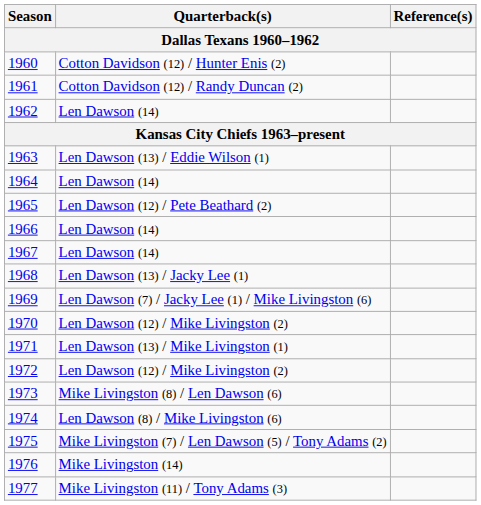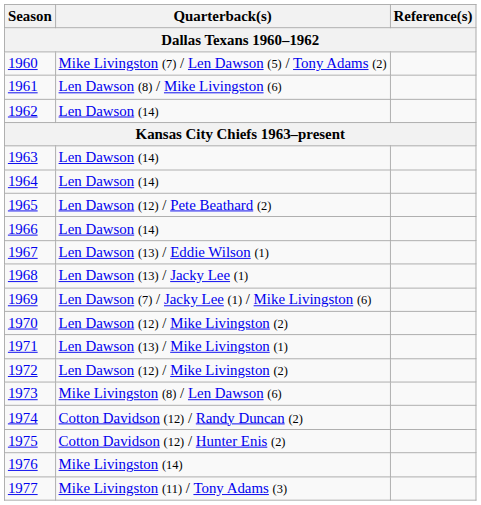 <table class="wikitable">
 <tr>
 <th>Season</th>
 <th>Quarterback(s)</th>
 <th>Reference(s)</th>
 </tr>
 <tr>
 <th colspan="7"><strong>Dallas Texans 1960–1962</strong></th>
 </tr>
 <tr>
 <td><a href='#'>1960</a></td>
-<td><a href='#'>Cotton Davidson</a> <small>(12)</small> / <a href='#'>Hunter Enis</a> <small>(2)</small></td>
+<td><a href='#'>Mike Livingston</a> <small>(7)</small> / <a href='#'>Len Dawson</a> <small>(5)</small> / <a href='#'>Tony Adams</a> <small>(2)</small></td>
 <td align="center"></td>
 </tr>
 <tr>
 <td><a href='#'>1961</a></td>
-<td><a href='#'>Cotton Davidson</a> <small>(12)</small> / <a href='#'>Randy Duncan</a> <small>(2)</small></td>
+<td><a href='#'>Len Dawson</a> <small>(8)</small> / <a href='#'>Mike Livingston</a> <small>(6)</small></td>
 <td align="center"></td>
 </tr>
 <tr>
 <td><a href='#'>1962</a></td>
 <td><a href='#'>Len Dawson</a> <small>(14)</small></td>
 <td align="center"></td>
 </tr>
 <tr>
 <th colspan="7"><strong>Kansas City Chiefs 1963–present</strong></th>
 </tr>
 <tr>
 <td><a href='#'>1963</a></td>
-<td><a href='#'>Len Dawson</a> <small>(13)</small> / <a href='#'>Eddie Wilson</a> <small>(1)</small></td>
+<td><a href='#'>Len Dawson</a> <small>(14)</small></td>
 <td align="center"></td>
 </tr>
 <tr>
 <td><a href='#'>1964</a></td>
 <td><a href='#'>Len Dawson</a> <small>(14)</small></td>
 <td align="center"></td>
 </tr>
 <tr>
 <td><a href='#'>1965</a></td>
 <td><a href='#'>Len Dawson</a> <small>(12)</small> / <a href='#'>Pete Beathard</a> <small>(2)</small></td>
 <td align="center"></td>
 </tr>
 <tr>
 <td><a href='#'>1966</a></td>
 <td><a href='#'>Len Dawson</a> <small>(14)</small></td>
 <td align="center"></td>
 </tr>
 <tr>
 <td><a href='#'>1967</a></td>
-<td><a href='#'>Len Dawson</a> <small>(14)</small></td>
+<td><a href='#'>Len Dawson</a> <small>(13)</small> / <a href='#'>Eddie Wilson</a> <small>(1)</small></td>
 <td align="center"></td>
 </tr>
 <tr>
 <td><a href='#'>1968</a></td>
 <td><a href='#'>Len Dawson</a> <small>(13)</small> / <a href='#'>Jacky Lee</a> <small>(1)</small></td>
 <td align="center"></td>
 </tr>
 <tr>
 <td><a href='#'>1969</a></td>
 <td><a href='#'>Len Dawson</a> <small>(7)</small> / <a href='#'>Jacky Lee</a> <small>(1)</small> / <a href='#'>Mike Livingston</a> <small>(6)</small></td>
 <td align="center"></td>
 </tr>
 <tr>
 <td><a href='#'>1970</a></td>
 <td><a href='#'>Len Dawson</a> <small>(12)</small> / <a href='#'>Mike Livingston</a> <small>(2)</small></td>
 <td align="center"></td>
 </tr>
 <tr>
 <td><a href='#'>1971</a></td>
 <td><a href='#'>Len Dawson</a> <small>(13)</small> / <a href='#'>Mike Livingston</a> <small>(1)</small></td>
 <td align="center"></td>
 </tr>
 <tr>
 <td><a href='#'>1972</a></td>
 <td><a href='#'>Len Dawson</a> <small>(12)</small> / <a href='#'>Mike Livingston</a> <small>(2)</small></td>
 <td align="center"></td>
 </tr>
 <tr>
 <td><a href='#'>1973</a></td>
 <td><a href='#'>Mike Livingston</a> <small>(8)</small> / <a href='#'>Len Dawson</a> <small>(6)</small></td>
 <td align="center"></td>
 </tr>
 <tr>
 <td><a href='#'>1974</a></td>
-<td><a href='#'>Len Dawson</a> <small>(8)</small> / <a href='#'>Mike Livingston</a> <small>(6)</small></td>
+<td><a href='#'>Cotton Davidson</a> <small>(12)</small> / <a href='#'>Randy Duncan</a> <small>(2)</small></td>
 <td align="center"></td>
 </tr>
 <tr>
 <td><a href='#'>1975</a></td>
-<td><a href='#'>Mike Livingston</a> <small>(7)</small> / <a href='#'>Len Dawson</a> <small>(5)</small> / <a href='#'>Tony Adams</a> <small>(2)</small></td>
+<td><a href='#'>Cotton Davidson</a> <small>(12)</small> / <a href='#'>Hunter Enis</a> <small>(2)</small></td>
 <td align="center"></td>
 </tr>
 <tr>
 <td><a href='#'>1976</a></td>
 <td><a href='#'>Mike Livingston</a> <small>(14)</small></td>
 <td align="center"></td>
 </tr>
 <tr>
 <td><a href='#'>1977</a></td>
 <td><a href='#'>Mike Livingston</a> <small>(11)</small> / <a href='#'>Tony Adams</a> <small>(3)</small></td>
 <td align="center"></td>
 </tr>
 </table>
